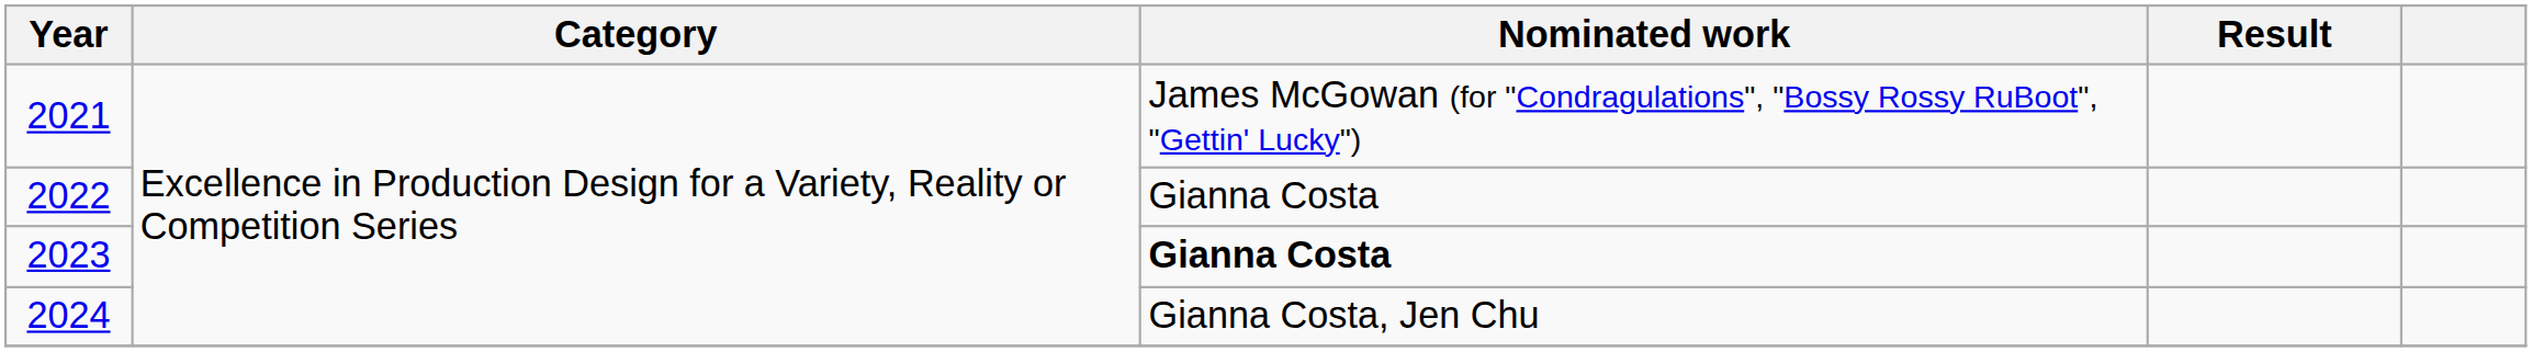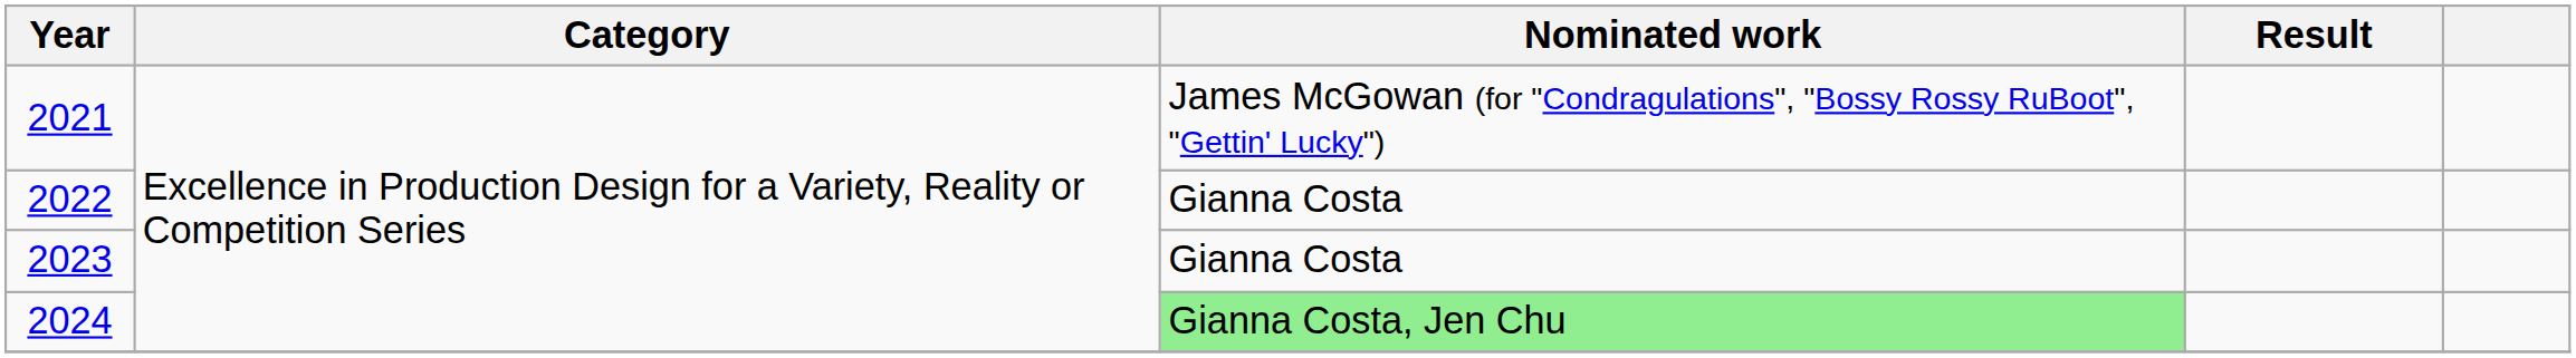 <table class="wikitable" style="width:85%;">
 <tr>
 <th width=5%>Year</th>
 <th style="width:40%;">Category</th>
 <th style="width:40%;">Nominated work</th>
 <th style="width:10%;">Result</th>
 <th width=5%></th>
 </tr>
 <tr>
 <td align="center"><a href='#'>2021</a></td>
 <td rowspan="4">Excellence in Production Design for a Variety, Reality or Competition Series</td>
 <td>James McGowan <small>(for "<a href='#'>Condragulations</a>", "<a href='#'>Bossy Rossy RuBoot</a>", "<a href='#'>Gettin' Lucky</a>")</small></td>
 <td></td>
 <td align="center"></td>
 </tr>
 <tr>
 <td align="center"><a href='#'>2022</a></td>
 <td>Gianna Costa </td>
 <td></td>
 <td style="text-align:center;"></td>
 </tr>
 <tr>
 <td align="center"><a href='#'>2023</a></td>
-<td><strong>Gianna Costa </strong></td>
+<td>Gianna Costa </td>
 <td></td>
 <td align="center"></td>
 </tr>
 <tr>
 <td align="center"><a href='#'>2024</a></td>
-<td>Gianna Costa, Jen Chu </td>
+<td style="background: lightgreen;">Gianna Costa, Jen Chu </td>
 <td></td>
 <td align="center"></td>
 </tr>
 <tr>
 </tr>
 </table>
